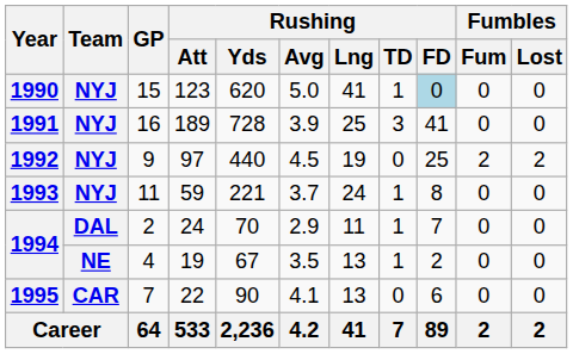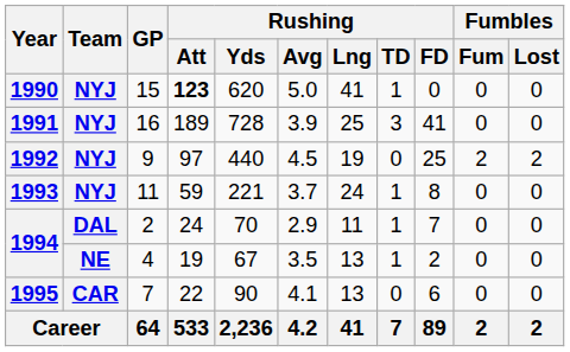 <table class=wikitable style="text-align:center;">
 <tr>
 <th rowspan="2">Year</th>
 <th rowspan="2">Team</th>
 <th rowspan="2">GP</th>
 <th colspan="6">Rushing</th>
 <th colspan="2">Fumbles</th>
 </tr>
 <tr>
 <th>Att</th>
 <th>Yds</th>
 <th>Avg</th>
 <th>Lng</th>
 <th>TD</th>
 <th>FD</th>
 <th>Fum</th>
 <th>Lost</th>
 </tr>
 <tr>
 <th><a href='#'>1990</a></th>
 <th><a href='#'>NYJ</a></th>
 <td>15</td>
-<td>123</td>
+<td><strong>123</strong></td>
 <td>620</td>
 <td>5.0</td>
 <td>41</td>
 <td>1</td>
-<td style="background: lightblue;">0</td>
+<td>0</td>
 <td>0</td>
 <td>0</td>
 </tr>
 <tr>
 <th><a href='#'>1991</a></th>
 <th><a href='#'>NYJ</a></th>
 <td>16</td>
 <td>189</td>
 <td>728</td>
 <td>3.9</td>
 <td>25</td>
 <td>3</td>
 <td>41</td>
 <td>0</td>
 <td>0</td>
 </tr>
 <tr>
 <th><a href='#'>1992</a></th>
 <th><a href='#'>NYJ</a></th>
 <td>9</td>
 <td>97</td>
 <td>440</td>
 <td>4.5</td>
 <td>19</td>
 <td>0</td>
 <td>25</td>
 <td>2</td>
 <td>2</td>
 </tr>
 <tr>
 <th><a href='#'>1993</a></th>
 <th><a href='#'>NYJ</a></th>
 <td>11</td>
 <td>59</td>
 <td>221</td>
 <td>3.7</td>
 <td>24</td>
 <td>1</td>
 <td>8</td>
 <td>0</td>
 <td>0</td>
 </tr>
 <tr>
 <th rowspan="2"><a href='#'>1994</a></th>
 <th><a href='#'>DAL</a></th>
 <td>2</td>
 <td>24</td>
 <td>70</td>
 <td>2.9</td>
 <td>11</td>
 <td>1</td>
 <td>7</td>
 <td>0</td>
 <td>0</td>
 </tr>
 <tr>
 <th><a href='#'>NE</a></th>
 <td>4</td>
 <td>19</td>
 <td>67</td>
 <td>3.5</td>
 <td>13</td>
 <td>1</td>
 <td>2</td>
 <td>0</td>
 <td>0</td>
 </tr>
 <tr>
 <th><a href='#'>1995</a></th>
 <th><a href='#'>CAR</a></th>
 <td>7</td>
 <td>22</td>
 <td>90</td>
 <td>4.1</td>
 <td>13</td>
 <td>0</td>
 <td>6</td>
 <td>0</td>
 <td>0</td>
 </tr>
 <tr>
 <th colspan="2">Career</th>
 <th>64</th>
 <th>533</th>
 <th>2,236</th>
 <th>4.2</th>
 <th>41</th>
 <th>7</th>
 <th>89</th>
 <th>2</th>
 <th>2</th>
 </tr>
 </table>
